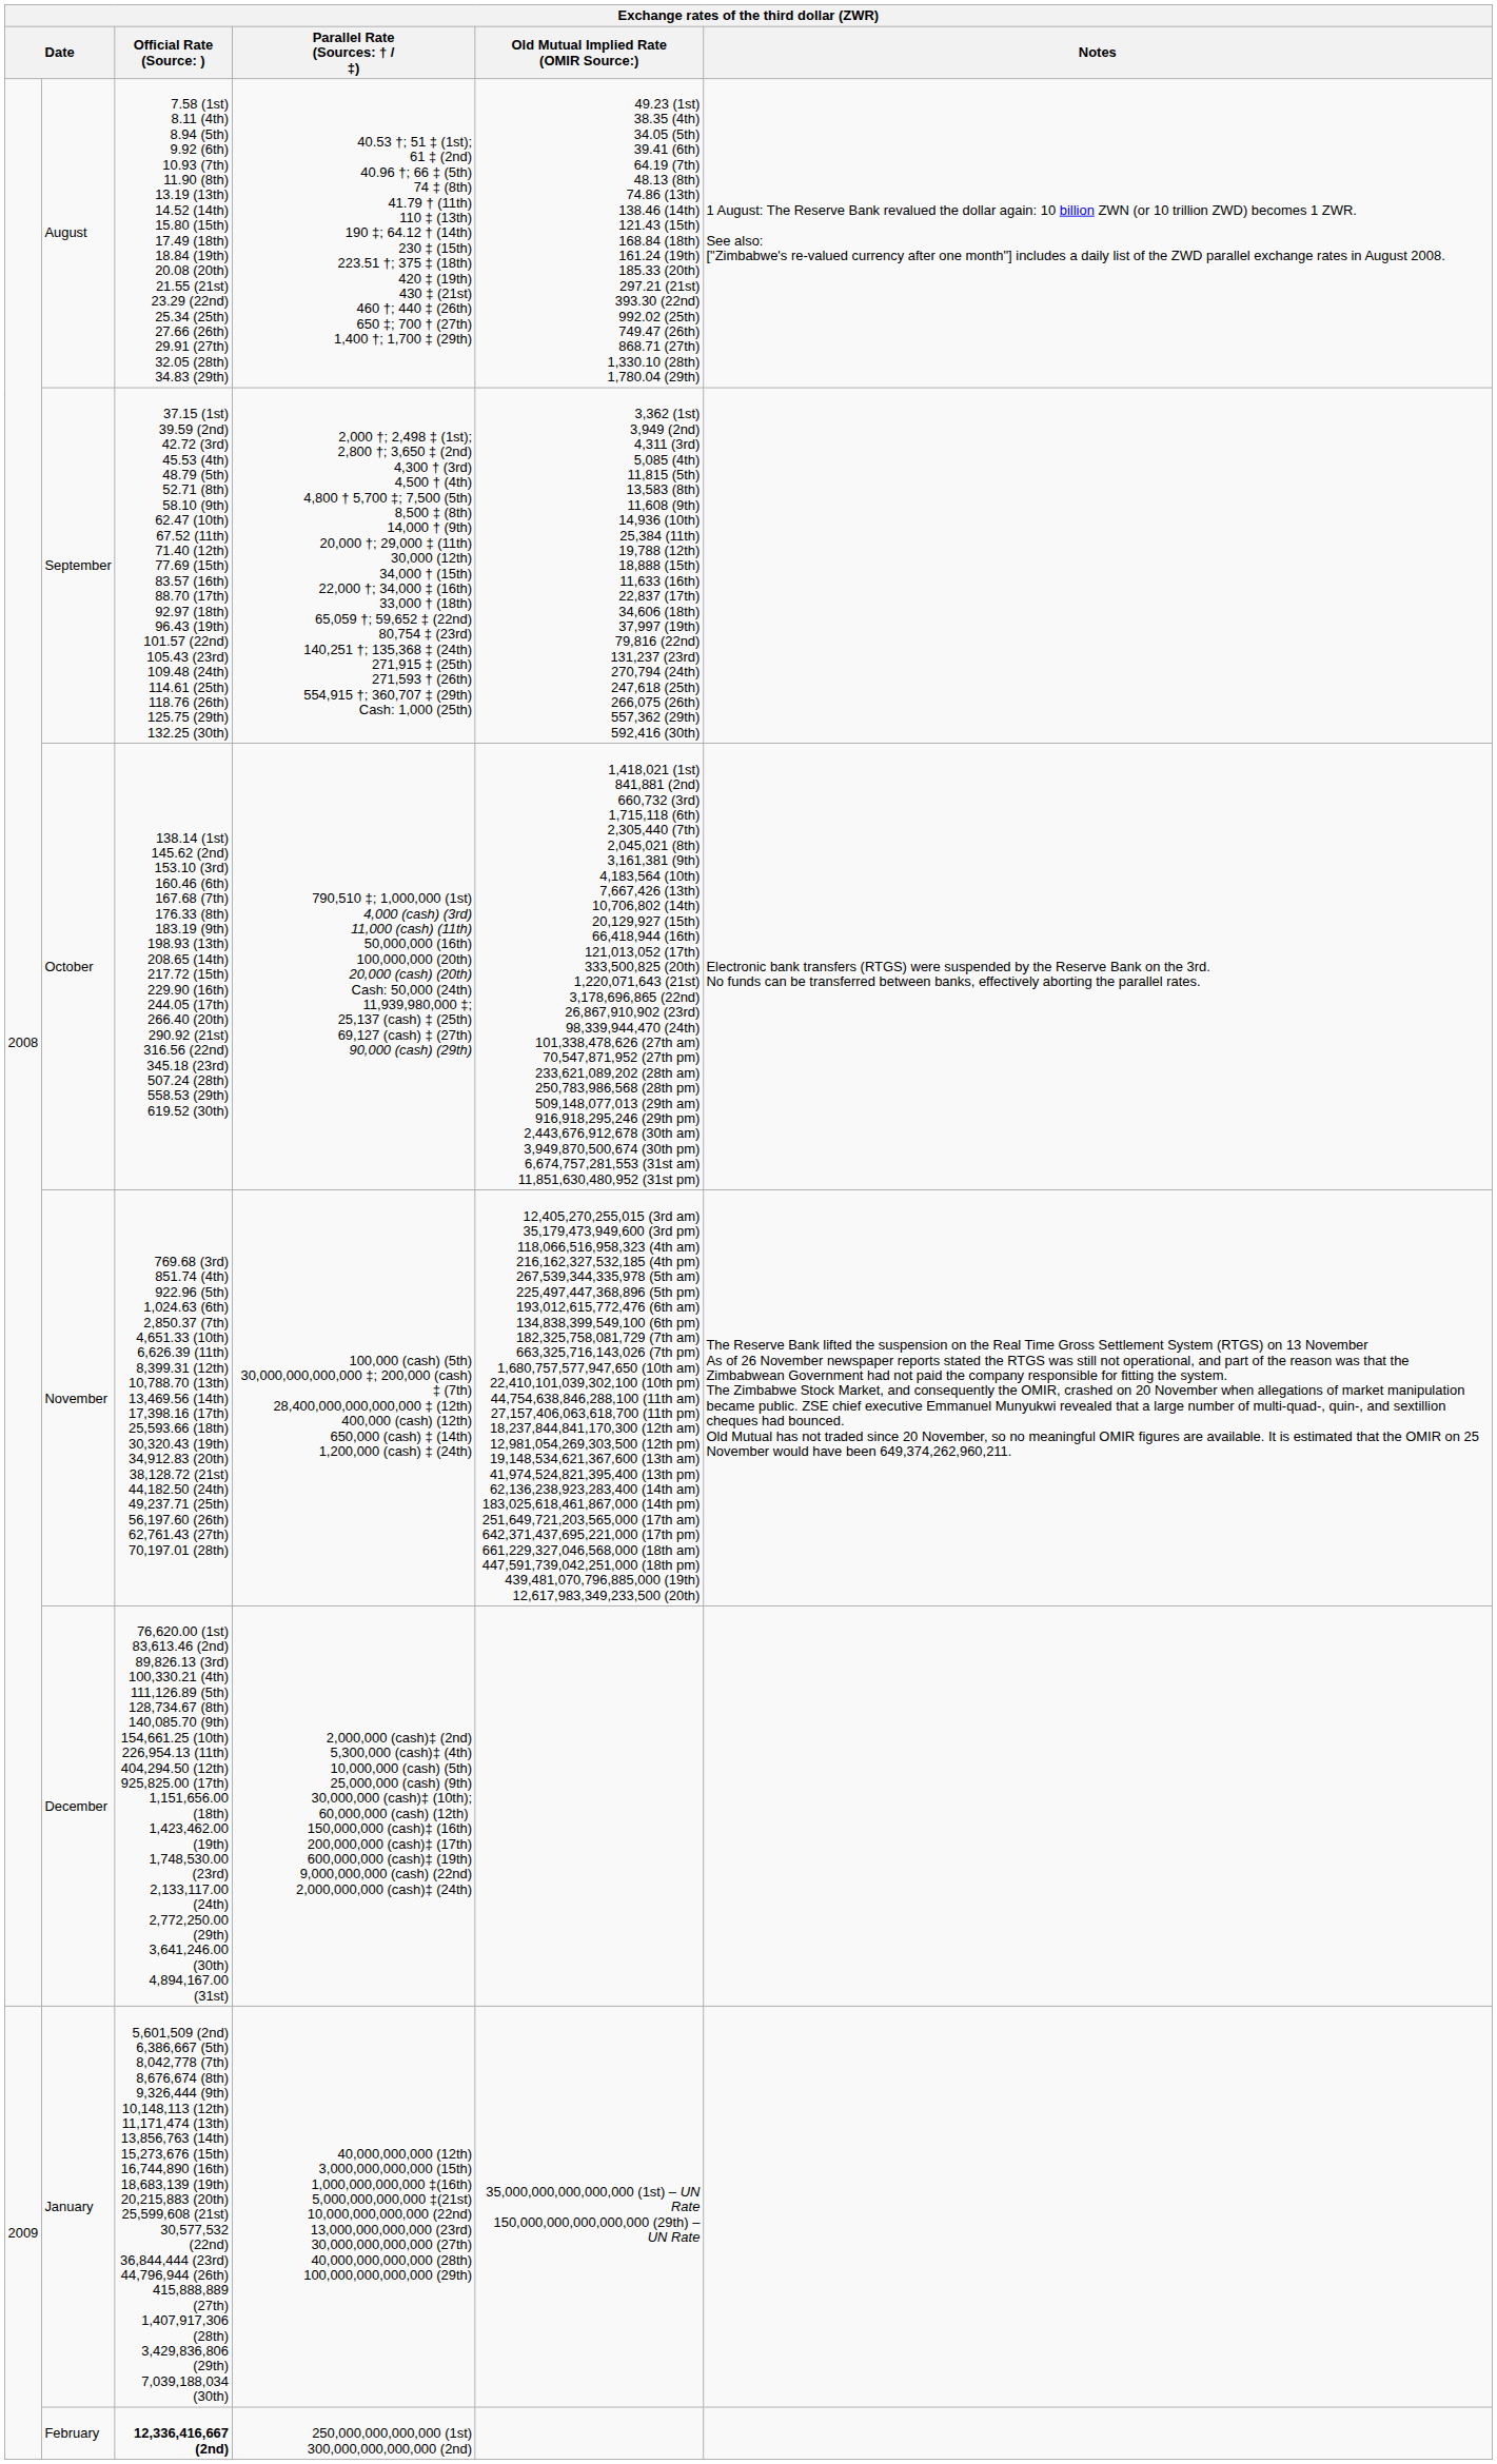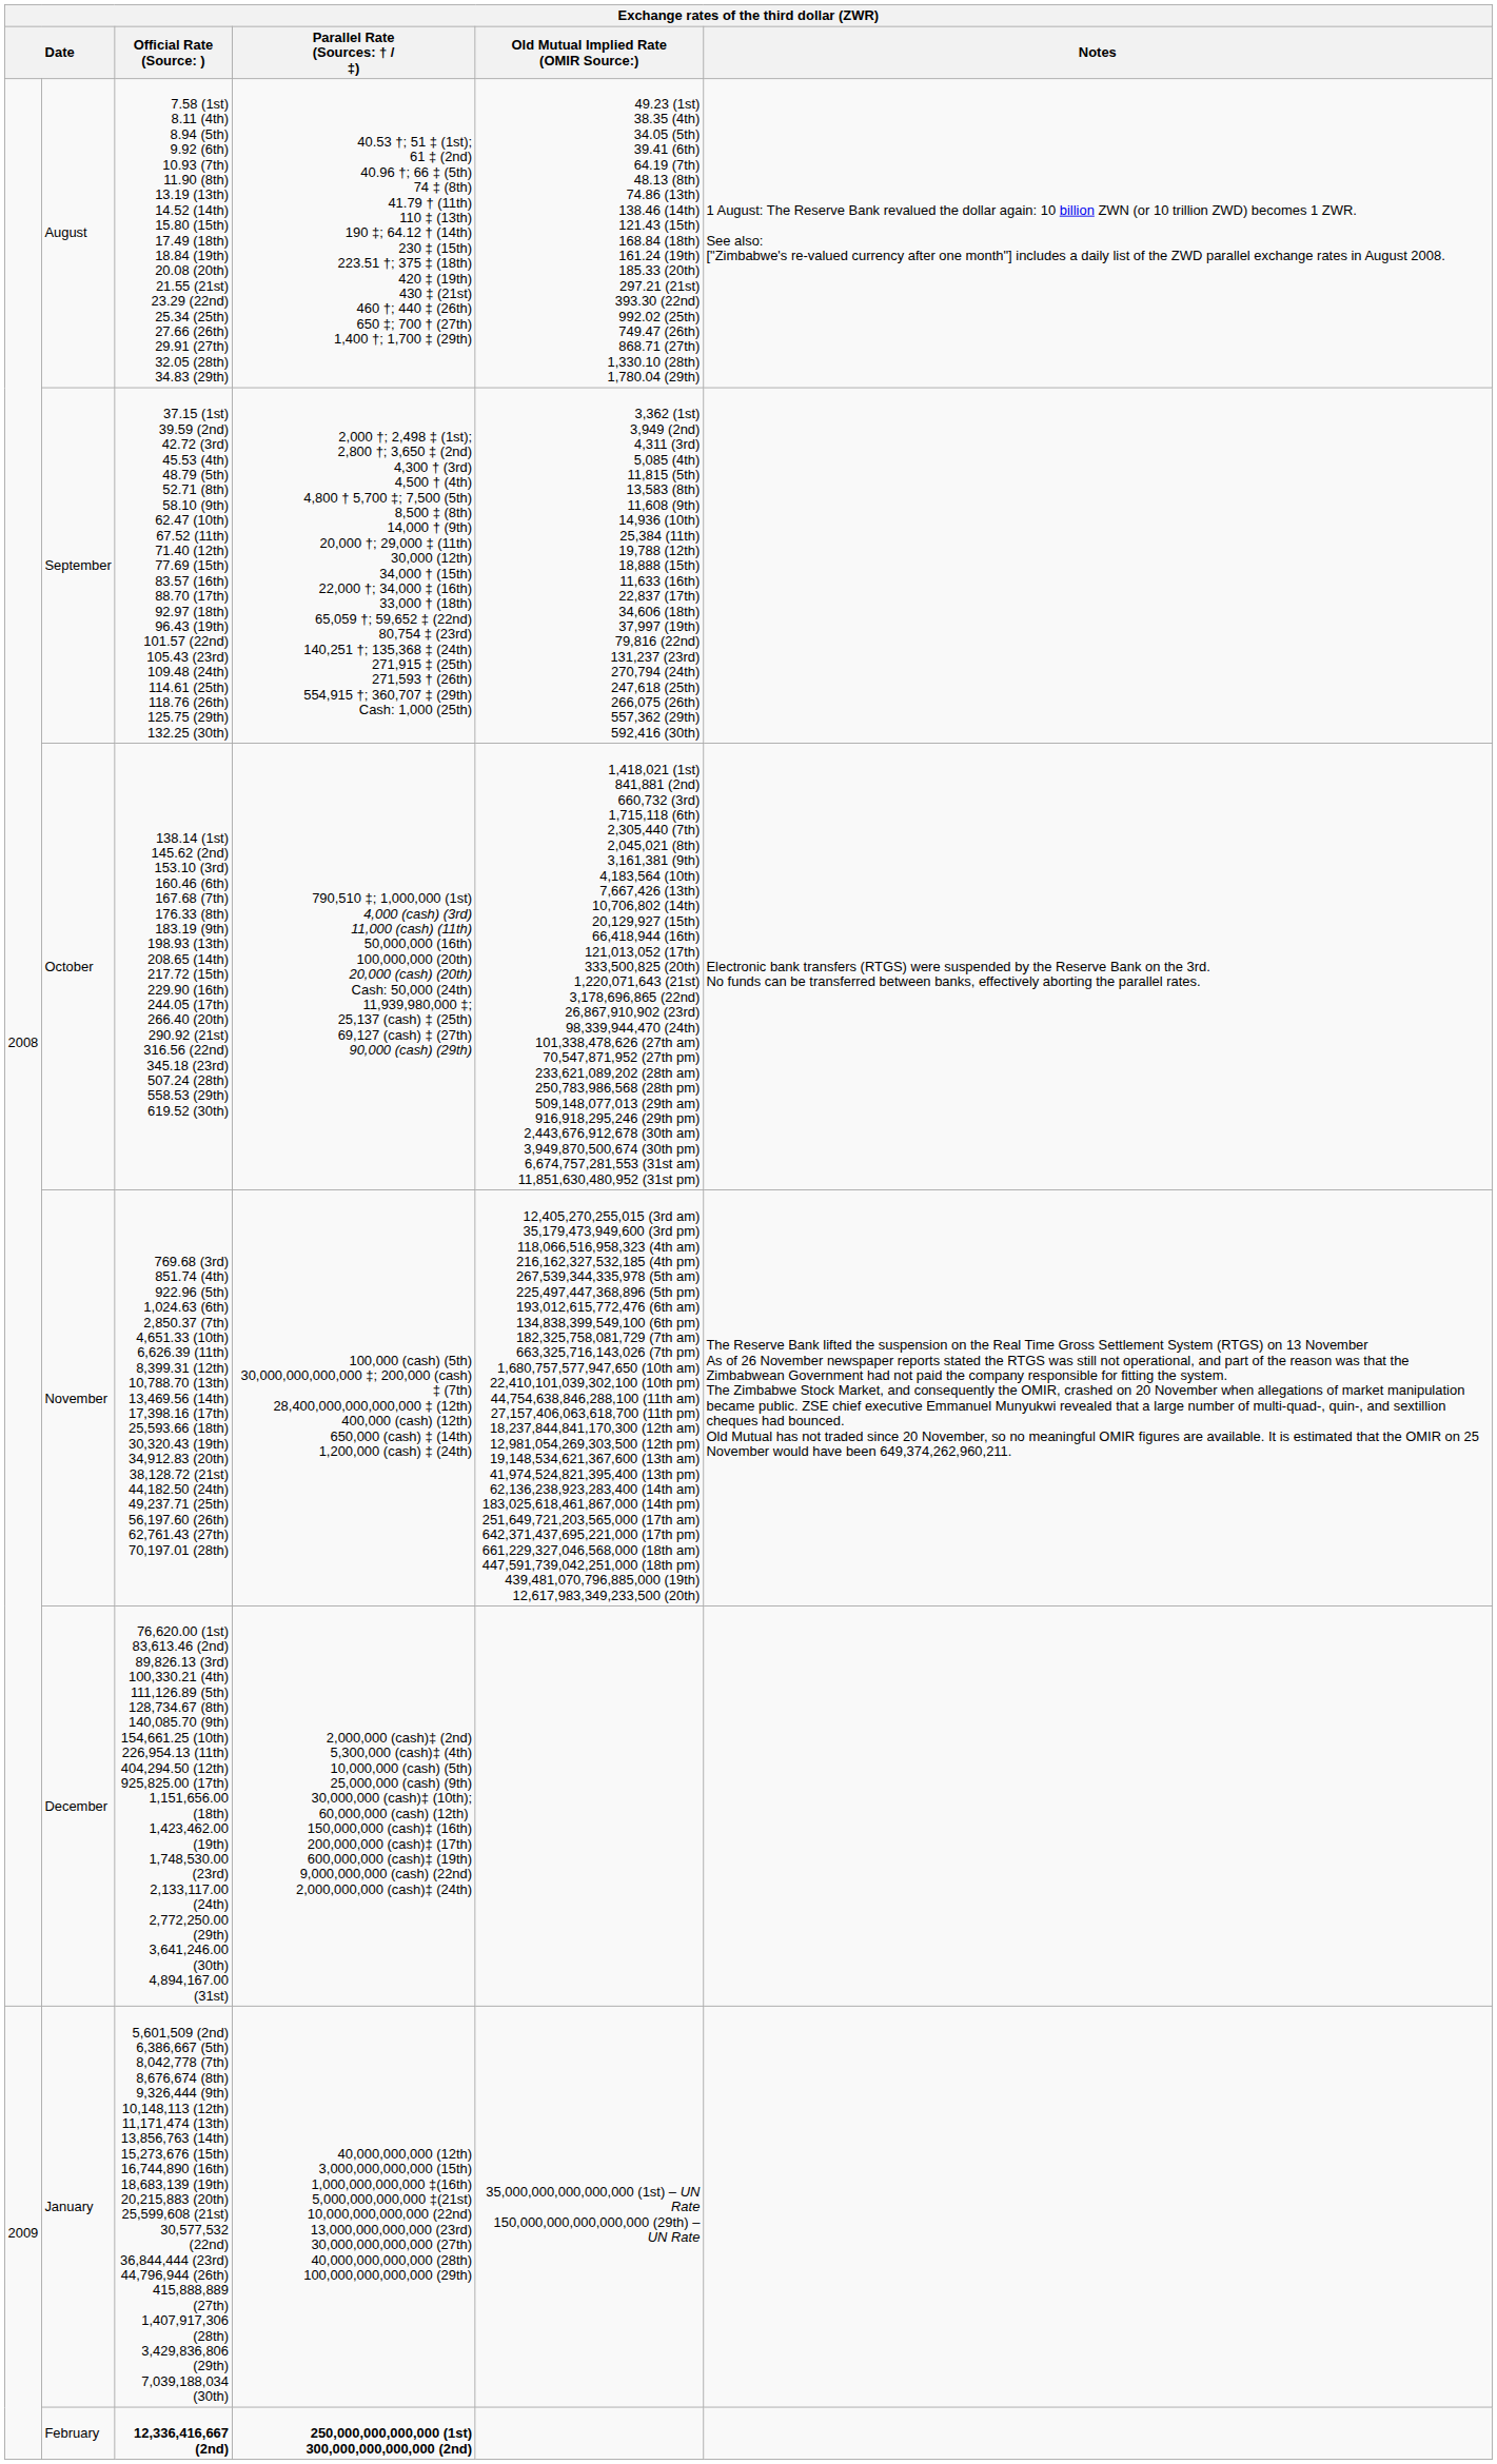 <table class="wikitable collapsible autocollapse" style="font-size: 90%">
 <tr>
 <th colspan=6>Exchange rates of the third dollar (ZWR)</th>
 </tr>
 <tr>
 <th colspan=2>Date</th>
 <th width:300px>Official Rate <br>(Source: )</th>
 <th>Parallel Rate <br>(Sources: † /<br>‡)</th>
 <th>Old Mutual Implied Rate <br>(OMIR Source:)</th>
 <th>Notes</th>
 </tr>
 <tr>
 <td rowspan=5>2008</td>
 <td>August</td>
 <td style="text-align:right;"><br>7.58 (1st) <br> 8.11 (4th) <br> 8.94 (5th) <br> 9.92 (6th) <br> 10.93 (7th) <br> 11.90 (8th) <br> 13.19 (13th) <br> 14.52 (14th) <br> 15.80 (15th) <br> 17.49 (18th) <br> 18.84 (19th) <br> 20.08 (20th) <br> 21.55 (21st) <br> 23.29 (22nd) <br> 25.34 (25th) <br> 27.66 (26th) <br> 29.91 (27th) <br> 32.05 (28th) <br> 34.83 (29th) <br></td>
 <td style="text-align:right;"><br>40.53 †; 51 ‡ (1st); <br> 61 ‡ (2nd) <br> 40.96 †; 66 ‡ (5th) <br> 74 ‡ (8th) <br> 41.79 † (11th)<br> 110 ‡ (13th) <br> 190 ‡; 64.12 † (14th) <br> 230 ‡ (15th) <br> 223.51 †; 375 ‡ (18th) <br> 420 ‡ (19th) <br> 430 ‡ (21st) <br> 460 †;  440 ‡ (26th) <br> 650 ‡;  700 † (27th) <br> 1,400 †;  1,700 ‡ (29th) </td>
 <td style="text-align:right;"><br>49.23 (1st)<br> 38.35 (4th)<br> 34.05 (5th)<br> 39.41 (6th)<br> 64.19 (7th)<br> 48.13 (8th)<br> 74.86 (13th)<br> 138.46 (14th)<br> 121.43 (15th)<br> 168.84 (18th)<br> 161.24 (19th)<br> 185.33 (20th)<br> 297.21 (21st)<br> 393.30 (22nd)<br> 992.02 (25th)<br> 749.47 (26th)<br> 868.71 (27th)<br> 1,330.10 (28th)<br> 1,780.04 (29th)</td>
 <td>1 August: The Reserve Bank revalued the dollar again: 10 <a href='#'>billion</a> ZWN (or 10 trillion ZWD) becomes 1 ZWR.<br><br>See also:<br>["Zimbabwe's re-valued currency after one month"] includes a daily list of the ZWD parallel exchange rates in August 2008.</td>
 </tr>
 <tr>
 <td>September</td>
 <td style="text-align:right;"><br>37.15 (1st) <br> 39.59 (2nd) <br> 42.72 (3rd) <br> 45.53 (4th) <br> 48.79 (5th) <br> 52.71 (8th) <br> 58.10 (9th) <br> 62.47 (10th) <br> 67.52 (11th) <br> 71.40 (12th) <br> 77.69 (15th) <br> 83.57 (16th) <br> 88.70 (17th) <br> 92.97 (18th) <br> 96.43 (19th) <br> 101.57 (22nd) <br> 105.43 (23rd) <br> 109.48 (24th) <br> 114.61 (25th) <br> 118.76 (26th) <br> 125.75 (29th) <br> 132.25 (30th)</td>
 <td style="text-align:right;"><br>2,000 †;  2,498 ‡ (1st);<br> 2,800 †; 3,650 ‡ (2nd)<br> 4,300 †  (3rd)<br> 4,500 †  (4th)<br> 4,800 †  5,700 ‡;  7,500 (5th)<br> 8,500 ‡  (8th)<br> 14,000 †  (9th) <br> 20,000 †;  29,000 ‡  (11th) <br> 30,000 (12th) <br> 34,000 † (15th) <br> 22,000 †; 34,000 ‡ (16th) <br> 33,000 † (18th) <br> 65,059 †; 59,652 ‡ (22nd) <br> 80,754 ‡ (23rd) <br> 140,251 †; 135,368 ‡ (24th) <br> 271,915 ‡ (25th) <br> 271,593 † (26th) <br> 554,915 †; 360,707 ‡ (29th)<br> Cash: 1,000 (25th)</td>
 <td style="text-align:right;"><br>3,362 (1st)<br> 3,949 (2nd)<br> 4,311 (3rd)<br> 5,085 (4th)<br> 11,815 (5th)<br> 13,583 (8th)<br> 11,608 (9th)<br> 14,936 (10th) <br> 25,384 (11th) <br> 19,788 (12th) <br> 18,888 (15th) <br> 11,633 (16th) <br> 22,837 (17th) <br> 34,606 (18th) <br> 37,997 (19th) <br> 79,816 (22nd) <br> 131,237 (23rd) <br> 270,794 (24th) <br> 247,618 (25th) <br> 266,075 (26th) <br> 557,362 (29th) <br> 592,416 (30th)</td>
 <td></td>
 </tr>
 <tr>
 <td>October</td>
 <td style="text-align:right;"><br>138.14 (1st) <br> 145.62 (2nd) <br> 153.10 (3rd) <br> 160.46 (6th) <br> 167.68 (7th) <br> 176.33 (8th) <br> 183.19 (9th) <br> 198.93 (13th) <br> 208.65 (14th) <br> 217.72 (15th) <br> 229.90 (16th) <br> 244.05 (17th) <br> 266.40 (20th) <br> 290.92 (21st) <br> 316.56 (22nd) <br> 345.18 (23rd) <br> 507.24 (28th) <br> 558.53 (29th) <br> 619.52 (30th) <br></td>
 <td style="text-align:right;"><br>790,510 ‡; 1,000,000 (1st) <br> <em>4,000 (cash) (3rd)</em> <br> <em>11,000 (cash) (11th)</em><br> 50,000,000 (16th) <br> 100,000,000 (20th) <br> <em>20,000 (cash) (20th)</em> <br> Cash: 50,000 (24th) <br> 11,939,980,000 ‡;<br> 25,137 (cash) ‡  (25th) <br> 69,127 (cash) ‡ (27th)<br> <em>90,000 (cash) (29th)</em></td>
 <td style="text-align:right;"><br>1,418,021 (1st) <br> 841,881 (2nd) <br> 660,732 (3rd) <br> 1,715,118 (6th) <br> 2,305,440 (7th) <br> 2,045,021 (8th) <br> 3,161,381 (9th) <br> 4,183,564 (10th) <br> 7,667,426 (13th) <br> 10,706,802 (14th) <br> 20,129,927 (15th) <br> 66,418,944 (16th) <br> 121,013,052 (17th) <br> 333,500,825 (20th) <br> 1,220,071,643 (21st) <br> 3,178,696,865 (22nd) <br> 26,867,910,902 (23rd) <br> 98,339,944,470 (24th) <br> 101,338,478,626 (27th am) <br> 70,547,871,952 (27th pm) <br> 233,621,089,202 (28th am) <br> 250,783,986,568 (28th pm) <br> 509,148,077,013 (29th am)<br> 916,918,295,246 (29th pm)<br> 2,443,676,912,678 (30th am)<br> 3,949,870,500,674 (30th pm)<br> 6,674,757,281,553 (31st am)<br> 11,851,630,480,952 (31st pm)<br></td>
 <td><br>Electronic bank transfers (RTGS) were suspended by the Reserve Bank on the 3rd. <br>No funds can be transferred between banks, effectively aborting the parallel rates.</td>
 </tr>
 <tr>
 <td>November</td>
 <td style="text-align:right;"><br>769.68 (3rd) <br> 851.74 (4th) <br> 922.96 (5th) <br> 1,024.63 (6th) <br> 2,850.37 (7th) <br> 4,651.33 (10th) <br> 6,626.39 (11th) <br> 8,399.31 (12th) <br> 10,788.70 (13th) <br> 13,469.56 (14th) <br> 17,398.16 (17th) <br> 25,593.66 (18th) <br> 30,320.43 (19th) <br> 34,912.83 (20th) <br> 38,128.72 (21st) <br> 44,182.50 (24th) <br> 49,237.71 (25th) <br> 56,197.60 (26th) <br> 62,761.43 (27th) <br> 70,197.01 (28th) <br></td>
 <td style="text-align:right;"><br>100,000 (cash) (5th)<br> 30,000,000,000,000 ‡; 200,000 (cash) ‡ (7th)<br> 28,400,000,000,000,000 ‡ (12th)<br> 400,000 (cash) (12th)<br> 650,000 (cash) ‡ (14th)<br> 1,200,000 (cash) ‡ (24th)<br></td>
 <td style="text-align:right;"><br>12,405,270,255,015 (3rd am) <br> 35,179,473,949,600 (3rd pm) <br> 118,066,516,958,323 (4th am) <br> 216,162,327,532,185 (4th pm) <br> 267,539,344,335,978 (5th am) <br> 225,497,447,368,896 (5th pm) <br> 193,012,615,772,476 (6th am) <br> 134,838,399,549,100 (6th pm) <br> 182,325,758,081,729 (7th am) <br> 663,325,716,143,026 (7th pm) <br> 1,680,757,577,947,650 (10th am) <br> 22,410,101,039,302,100 (10th pm) <br> 44,754,638,846,288,100 (11th am) <br> 27,157,406,063,618,700 (11th pm) <br> 18,237,844,841,170,300 (12th am) <br> 12,981,054,269,303,500 (12th pm) <br> 19,148,534,621,367,600 (13th am) <br> 41,974,524,821,395,400 (13th pm) <br> 62,136,238,923,283,400 (14th am) <br> 183,025,618,461,867,000 (14th pm) <br> 251,649,721,203,565,000 (17th am) <br> 642,371,437,695,221,000 (17th pm) <br> 661,229,327,046,568,000 (18th am) <br> 447,591,739,042,251,000 (18th pm) <br> 439,481,070,796,885,000 (19th) <br> 12,617,983,349,233,500 (20th)  <br></td>
 <td>The Reserve Bank lifted the suspension on the Real Time Gross Settlement System (RTGS) on 13 November<br>As of 26 November newspaper reports stated the RTGS was still not operational, and part of the reason was that the Zimbabwean Government had not paid the company responsible for fitting the system.<br>The Zimbabwe Stock Market, and consequently the OMIR, crashed on 20 November when allegations of market manipulation became public. ZSE chief executive Emmanuel Munyukwi revealed that a large number of multi-quad-, quin-, and sextillion cheques had bounced.<br>Old Mutual has not traded since 20 November, so no meaningful OMIR figures are available. It is estimated that the OMIR on 25 November would have been 649,374,262,960,211.</td>
 </tr>
 <tr>
 <td>December</td>
 <td style="text-align:right;"  ><br>76,620.00 (1st) <br> 83,613.46 (2nd) <br> 89,826.13 (3rd) <br> 100,330.21 (4th) <br> 111,126.89 (5th) <br> 128,734.67 (8th) <br> 140,085.70 (9th) <br> 154,661.25 (10th) <br> 226,954.13 (11th) <br> 404,294.50 (12th) <br> 925,825.00 (17th) <br> 1,151,656.00 (18th) <br> 1,423,462.00 (19th) <br> 1,748,530.00 (23rd) <br> 2,133,117.00 (24th) <br> 2,772,250.00 (29th) <br> 3,641,246.00 (30th) <br> 4,894,167.00 (31st) <br></td>
 <td style="text-align:right;"><br>2,000,000 (cash)‡ (2nd)<br>5,300,000 (cash)‡ (4th)<br>10,000,000 (cash) (5th)<br>25,000,000 (cash) (9th)<br>30,000,000 (cash)‡ (10th); 60,000,000 (cash) (12th) <br>150,000,000 (cash)‡ (16th) <br>200,000,000 (cash)‡ (17th) <br>600,000,000 (cash)‡ (19th) <br>9,000,000,000 (cash) (22nd)<br>2,000,000,000 (cash)‡ (24th)<br></td>
 <td></td>
 <td></td>
 </tr>
 <tr>
 <td rowspan=2>2009</td>
 <td>January</td>
 <td style="text-align:right;"><br>5,601,509 (2nd) <br> 6,386,667 (5th) <br> 8,042,778 (7th) <br> 8,676,674 (8th) <br> 9,326,444 (9th) <br> 10,148,113 (12th) <br> 11,171,474 (13th) <br> 13,856,763 (14th) <br> 15,273,676 (15th) <br> 16,744,890 (16th) <br> 18,683,139 (19th) <br> 20,215,883 (20th) <br> 25,599,608 (21st) <br> 30,577,532 (22nd) <br> 36,844,444 (23rd) <br> 44,796,944 (26th) <br> 415,888,889 (27th) <br> 1,407,917,306 (28th) <br> 3,429,836,806 (29th) <br> 7,039,188,034 (30th)<br></td>
 <td style="text-align:right;"><br>40,000,000,000 (12th)<br> 3,000,000,000,000 (15th)<br> 1,000,000,000,000 ‡(16th)<br> 5,000,000,000,000 ‡(21st)<br> 10,000,000,000,000 (22nd)<br> 13,000,000,000,000 (23rd)<br> 30,000,000,000,000 (27th)<br> 40,000,000,000,000 (28th)<br> 100,000,000,000,000 (29th) <br></td>
 <td style="text-align:right;"><br>35,000,000,000,000,000 (1st) – <em>UN Rate</em> <br>150,000,000,000,000,000 (29th) – <em>UN Rate</em></td>
 <td></td>
 </tr>
 <tr>
 <td>February</td>
 <td style="text-align:right;"><strong><br>12,336,416,667 (2nd)</strong></td>
-<td style="text-align:right;"><br>250,000,000,000,000 (1st) <br> 300,000,000,000,000 (2nd)</td>
+<td style="text-align:right;"><strong><br>250,000,000,000,000 (1st) <br> 300,000,000,000,000 (2nd)</strong></td>
 <td></td>
 <td></td>
 </tr>
 </table>
